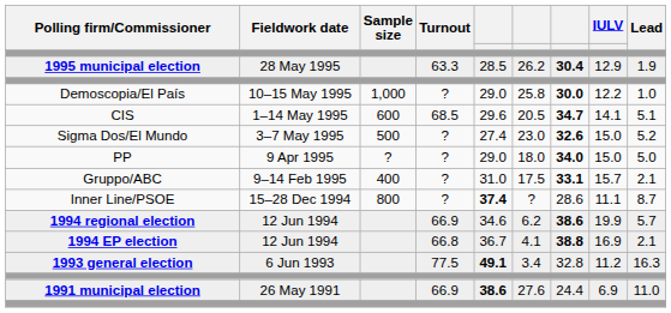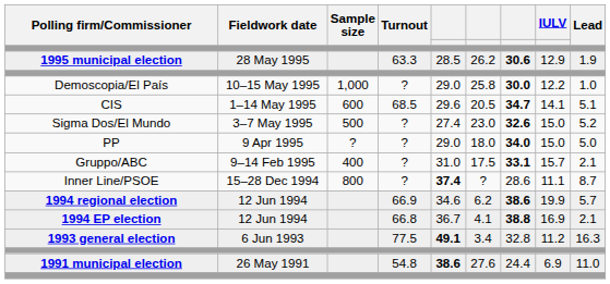 <table class="wikitable collapsible collapsed" style="text-align:center; font-size:95%; line-height:16px;">
 <tr style="height:42px;">
 <th style="width:250px;" rowspan="2">Polling firm/Commissioner</th>
 <th style="width:125px;" rowspan="2">Fieldwork date</th>
 <th style="width:50px;" rowspan="2">Sample size</th>
 <th style="width:45px;" rowspan="2">Turnout</th>
 <th style="width:35px;"></th>
 <th style="width:35px;"></th>
 <th style="width:35px;"></th>
 <th style="width:35px;"><a href='#'>IULV</a></th>
 <th style="width:30px;" rowspan="2">Lead</th>
 </tr>
 <tr>
 <th style="color:inherit;background:"></th>
 <th style="color:inherit;background:"></th>
 <th style="color:inherit;background:"></th>
 <th style="color:inherit;background:"></th>
 </tr>
 <tr>
 <td colspan="9" style="background:#A0A0A0"></td>
 </tr>
 <tr style="background:#EFEFEF;">
 <td><strong><a href='#'>1995 municipal election</a></strong></td>
 <td>28 May 1995</td>
 <td></td>
 <td>63.3</td>
 <td>28.5<br></td>
 <td>26.2<br></td>
-<td><strong>30.4</strong><br></td>
+<td><strong>30.6</strong><br></td>
 <td>12.9<br></td>
 <td style="background:">1.9</td>
 </tr>
 <tr>
 <td colspan="9" style="background:#A0A0A0"></td>
 </tr>
 <tr>
 <td>Demoscopia/El País</td>
 <td>10–15 May 1995</td>
 <td>1,000</td>
 <td>?</td>
 <td>29.0<br></td>
 <td>25.8<br></td>
 <td><strong>30.0</strong><br></td>
 <td>12.2<br></td>
 <td style="background:">1.0</td>
 </tr>
 <tr>
 <td>CIS</td>
 <td>1–14 May 1995</td>
 <td>600</td>
 <td>68.5</td>
 <td>29.6</td>
 <td>20.5</td>
 <td><strong>34.7</strong></td>
 <td>14.1</td>
 <td style="background:">5.1</td>
 </tr>
 <tr>
 <td>Sigma Dos/El Mundo</td>
 <td>3–7 May 1995</td>
 <td>500</td>
 <td>?</td>
 <td>27.4<br></td>
 <td>23.0<br></td>
 <td><strong>32.6</strong><br></td>
 <td>15.0<br></td>
 <td style="background:">5.2</td>
 </tr>
 <tr>
 <td>PP</td>
 <td>9 Apr 1995</td>
 <td>?</td>
 <td>?</td>
 <td>29.0<br></td>
 <td>18.0<br></td>
 <td><strong>34.0</strong><br></td>
 <td>15.0<br></td>
 <td style="background:">5.0</td>
 </tr>
 <tr>
 <td>Gruppo/ABC</td>
 <td>9–14 Feb 1995</td>
 <td>400</td>
 <td>?</td>
 <td>31.0<br></td>
 <td>17.5<br></td>
 <td><strong>33.1</strong><br></td>
 <td>15.7<br></td>
 <td style="background:">2.1</td>
 </tr>
 <tr>
 <td>Inner Line/PSOE</td>
 <td>15–28 Dec 1994</td>
 <td>800</td>
 <td>?</td>
 <td><strong>37.4</strong><br></td>
 <td>?<br></td>
 <td>28.6<br></td>
 <td>11.1<br></td>
 <td style="background:">8.7</td>
 </tr>
 <tr style="background:#EFEFEF;">
 <td><strong><a href='#'>1994 regional election</a></strong></td>
 <td>12 Jun 1994</td>
 <td></td>
 <td>66.9</td>
 <td>34.6<br></td>
 <td>6.2<br></td>
 <td><strong>38.6</strong><br></td>
 <td>19.9<br></td>
 <td style="background:">5.7</td>
 </tr>
 <tr style="background:#EFEFEF;">
 <td><strong><a href='#'>1994 EP election</a></strong></td>
 <td>12 Jun 1994</td>
 <td></td>
 <td>66.8</td>
 <td>36.7<br></td>
 <td>4.1<br></td>
 <td><strong>38.8</strong><br></td>
 <td>16.9<br></td>
 <td style="background:">2.1</td>
 </tr>
 <tr style="background:#EFEFEF;">
 <td><strong><a href='#'>1993 general election</a></strong></td>
 <td>6 Jun 1993</td>
 <td></td>
 <td>77.5</td>
 <td><strong>49.1</strong><br></td>
 <td>3.4<br></td>
 <td>32.8<br></td>
 <td>11.2<br></td>
 <td style="background:">16.3</td>
 </tr>
 <tr>
 <td colspan="9" style="background:#A0A0A0"></td>
 </tr>
 <tr style="background:#EFEFEF;">
 <td><strong><a href='#'>1991 municipal election</a></strong></td>
 <td>26 May 1991</td>
 <td></td>
-<td>66.9</td>
+<td>54.8</td>
 <td><strong>38.6</strong><br></td>
 <td>27.6<br></td>
 <td>24.4<br></td>
 <td>6.9<br></td>
 <td style="background:">11.0</td>
 </tr>
 <tr>
 <td colspan="9" style="background:#A0A0A0"></td>
 </tr>
 </table>
